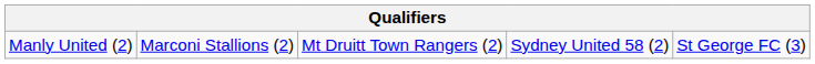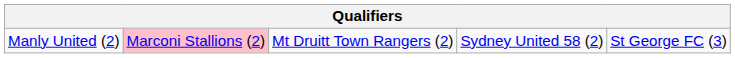 <table class="wikitable" style="text-align:center">
 <tr>
 <th colspan=5>Qualifiers</th>
 </tr>
 <tr>
 <td><a href='#'>Manly United</a> (<a href='#'>2</a>)</td>
-<td><a href='#'>Marconi Stallions</a> (<a href='#'>2</a>)</td>
+<td style="background: pink;"><a href='#'>Marconi Stallions</a> (<a href='#'>2</a>)</td>
 <td><a href='#'>Mt Druitt Town Rangers</a> (<a href='#'>2</a>)</td>
 <td><a href='#'>Sydney United 58</a> (<a href='#'>2</a>)</td>
 <td><a href='#'>St George FC</a> (<a href='#'>3</a>)</td>
 </tr>
 </table>
